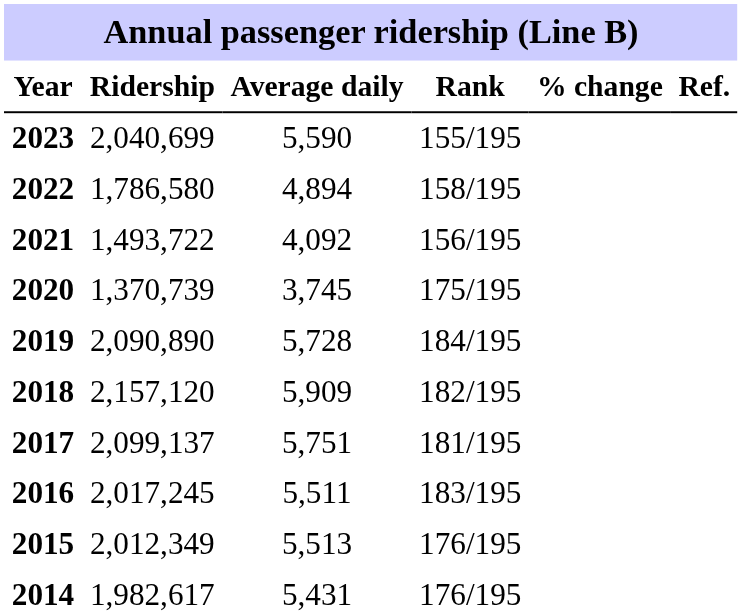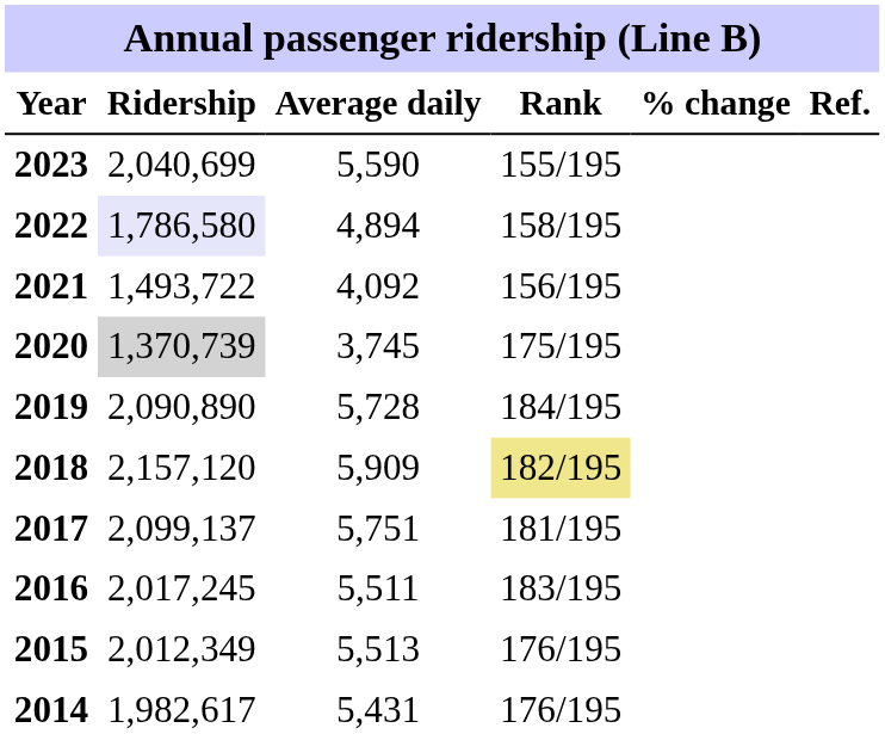 <table class="toccolours" cellpadding="4" cellspacing="0" style="text-align:right;">
 <tr>
 <th colspan="6"  style="background-color:#ccf; background-color:#ccf; font-size:110%; text-align:center;">Annual passenger ridership (Line B)</th>
 </tr>
 <tr style="font-size:95%; text-align:center">
 <th style="border-bottom:1px solid black">Year</th>
 <th style="border-bottom:1px solid black">Ridership</th>
 <th style="border-bottom:1px solid black">Average daily</th>
 <th style="border-bottom:1px solid black">Rank</th>
 <th style="border-bottom:1px solid black">% change</th>
 <th style="border-bottom:1px solid black">Ref.</th>
 </tr>
 <tr style="text-align:center;">
 <td><strong>2023</strong></td>
 <td>2,040,699</td>
 <td>5,590</td>
 <td>155/195</td>
 <td></td>
 <td></td>
 </tr>
 <tr style="text-align:center;">
 <td><strong>2022</strong></td>
-<td>1,786,580</td>
+<td style="background: lavender;">1,786,580</td>
 <td>4,894</td>
 <td>158/195</td>
 <td></td>
 <td></td>
 </tr>
 <tr style="text-align:center;">
 <td><strong>2021</strong></td>
 <td>1,493,722</td>
 <td>4,092</td>
 <td>156/195</td>
 <td></td>
 <td></td>
 </tr>
 <tr style="text-align:center;">
 <td><strong>2020</strong></td>
-<td>1,370,739</td>
+<td style="background: lightgrey;">1,370,739</td>
 <td>3,745</td>
 <td>175/195</td>
 <td></td>
 <td></td>
 </tr>
 <tr style="text-align:center;">
 <td><strong>2019</strong></td>
 <td>2,090,890</td>
 <td>5,728</td>
 <td>184/195</td>
 <td></td>
 <td></td>
 </tr>
 <tr style="text-align:center;">
 <td><strong>2018</strong></td>
 <td>2,157,120</td>
 <td>5,909</td>
-<td>182/195</td>
+<td style="background: khaki;">182/195</td>
 <td></td>
 <td></td>
 </tr>
 <tr style="text-align:center;">
 <td><strong>2017</strong></td>
 <td>2,099,137</td>
 <td>5,751</td>
 <td>181/195</td>
 <td></td>
 <td></td>
 </tr>
 <tr style="text-align:center;">
 <td><strong>2016</strong></td>
 <td>2,017,245</td>
 <td>5,511</td>
 <td>183/195</td>
 <td></td>
 <td></td>
 </tr>
 <tr style="text-align:center;">
 <td><strong>2015</strong></td>
 <td>2,012,349</td>
 <td>5,513</td>
 <td>176/195</td>
 <td></td>
 <td></td>
 </tr>
 <tr style="text-align:center;">
 <td><strong>2014</strong></td>
 <td>1,982,617</td>
 <td>5,431</td>
 <td>176/195</td>
 <td></td>
 <td></td>
 </tr>
 </table>
